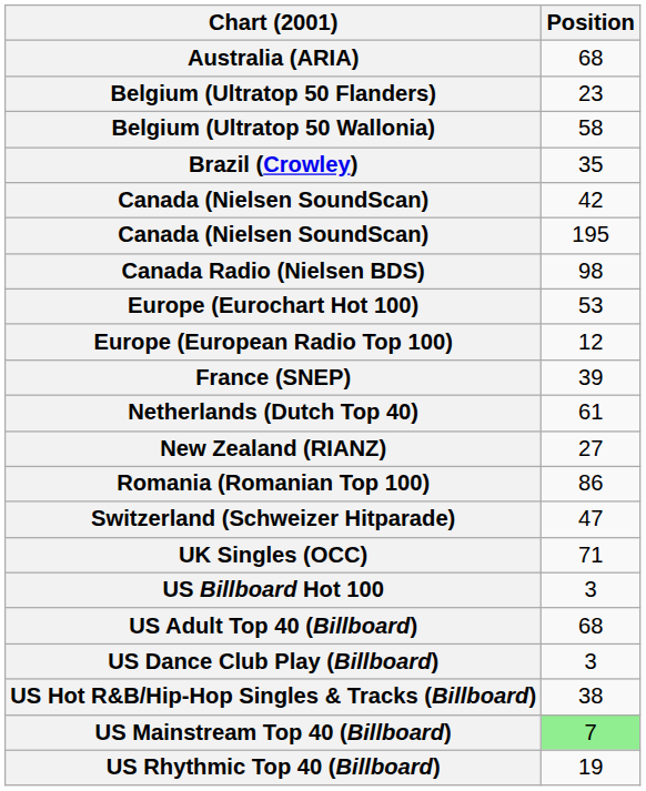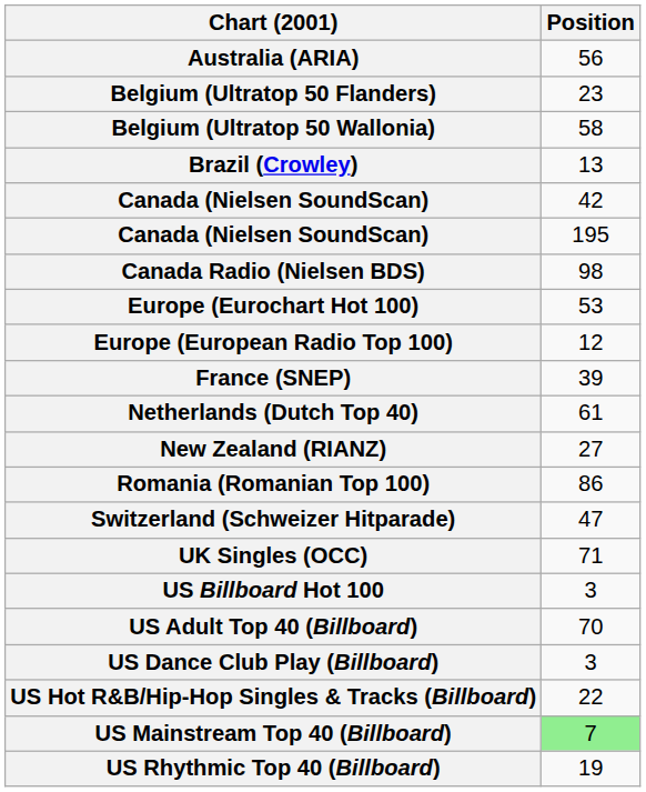 <table class="wikitable sortable plainrowheaders" style="text-align:center">
 <tr>
 <th scope="col">Chart (2001)</th>
 <th scope="col">Position</th>
 </tr>
 <tr>
 <th scope="row">Australia (ARIA)</th>
-<td>68</td>
+<td>56</td>
 </tr>
 <tr>
 <th scope="row">Belgium (Ultratop 50 Flanders)</th>
 <td>23</td>
 </tr>
 <tr>
 <th scope="row">Belgium (Ultratop 50 Wallonia)</th>
 <td>58</td>
 </tr>
 <tr>
 <th scope="row">Brazil (<a href='#'>Crowley</a>)</th>
-<td>35</td>
+<td>13</td>
 </tr>
 <tr>
 <th scope="row">Canada (Nielsen SoundScan)</th>
 <td>42</td>
 </tr>
 <tr>
 <th scope="row">Canada (Nielsen SoundScan)<br></th>
 <td>195</td>
 </tr>
 <tr>
 <th scope="row">Canada Radio (Nielsen BDS)</th>
 <td>98</td>
 </tr>
 <tr>
 <th scope="row">Europe (Eurochart Hot 100)</th>
 <td>53</td>
 </tr>
 <tr>
 <th scope="row">Europe (European Radio Top 100)</th>
 <td>12</td>
 </tr>
 <tr>
 <th scope="row">France (SNEP)</th>
 <td>39</td>
 </tr>
 <tr>
 <th scope="row">Netherlands (Dutch Top 40)</th>
 <td>61</td>
 </tr>
 <tr>
 <th scope="row">New Zealand (RIANZ)</th>
 <td>27</td>
 </tr>
 <tr>
 <th scope="row">Romania (Romanian Top 100)</th>
 <td>86</td>
 </tr>
 <tr>
 <th scope="row">Switzerland (Schweizer Hitparade)</th>
 <td>47</td>
 </tr>
 <tr>
 <th scope="row">UK Singles (OCC)</th>
 <td>71</td>
 </tr>
 <tr>
 <th scope="row">US <em>Billboard</em> Hot 100</th>
 <td>3</td>
 </tr>
 <tr>
 <th scope="row">US Adult Top 40 (<em>Billboard</em>)</th>
-<td>68</td>
+<td>70</td>
 </tr>
 <tr>
 <th scope="row">US Dance Club Play (<em>Billboard</em>)</th>
 <td>3</td>
 </tr>
 <tr>
 <th scope="row">US Hot R&B/Hip-Hop Singles & Tracks (<em>Billboard</em>)</th>
-<td>38</td>
+<td>22</td>
 </tr>
 <tr>
 <th scope="row">US Mainstream Top 40 (<em>Billboard</em>)</th>
 <td style="background: lightgreen;">7</td>
 </tr>
 <tr>
 <th scope="row">US Rhythmic Top 40 (<em>Billboard</em>)</th>
 <td>19</td>
 </tr>
 </table>
